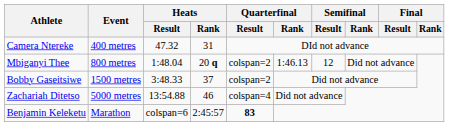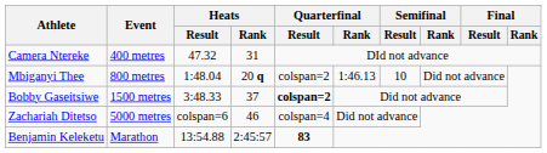 <table class="wikitable" style="font-size:90%">
 <tr>
 <th rowspan="2">Athlete</th>
 <th rowspan="2">Event</th>
 <th colspan="2">Heats</th>
 <th colspan="2">Quarterfinal</th>
 <th colspan="2">Semifinal</th>
 <th colspan="2">Final</th>
 </tr>
 <tr style="font-size:95%">
 <th>Result</th>
 <th>Rank</th>
 <th>Result</th>
 <th>Rank</th>
 <th>Result</th>
 <th>Rank</th>
 <th>Result</th>
 <th>Rank</th>
 </tr>
 <tr align=center>
 <td align=left><a href='#'>Camera Ntereke</a></td>
 <td align=left><a href='#'>400 metres</a></td>
 <td>47.32</td>
 <td>31</td>
 <td colspan=6>DId not advance</td>
 </tr>
 <tr align=center>
 <td align=left><a href='#'>Mbiganyi Thee</a></td>
 <td align=left><a href='#'>800 metres</a></td>
 <td>1:48.04</td>
 <td>20 <strong>q</strong></td>
 <td>colspan=2</td>
 <td>1:46.13</td>
-<td>12</td>
+<td>10</td>
 <td colspan=2>Did not advance</td>
 </tr>
 <tr align=center>
 <td align=left><a href='#'>Bobby Gaseitsiwe</a></td>
 <td align=left><a href='#'>1500 metres</a></td>
 <td>3:48.33</td>
 <td>37</td>
-<td>colspan=2</td>
+<td><strong>colspan=2</strong></td>
 <td colspan=4>Did not advance</td>
 </tr>
 <tr align=center>
 <td align=left><a href='#'>Zachariah Ditetso</a></td>
 <td align=left><a href='#'>5000 metres</a></td>
-<td>13:54.88</td>
+<td>colspan=6</td>
 <td>46</td>
 <td>colspan=4</td>
 <td colspan=2>Did not advance</td>
 </tr>
 <tr align=center>
 <td align=left><a href='#'>Benjamin Keleketu</a></td>
 <td align=left><a href='#'>Marathon</a></td>
-<td>colspan=6</td>
+<td>13:54.88</td>
 <td>2:45:57</td>
 <td><strong>83</strong></td>
 </tr>
 </table>
